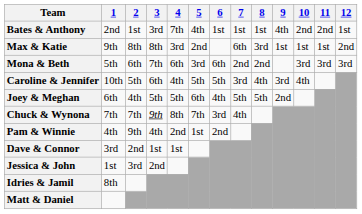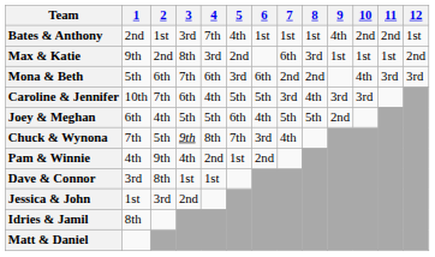 <table class="wikitable sortable" style="text-align:left;">
 <tr>
 <th scope="col" class="unsortable">Team</th>
 <th scope="col"><a href='#'>1</a></th>
 <th scope="col"><a href='#'>2</a></th>
 <th scope="col"><a href='#'>3</a></th>
 <th scope="col"><a href='#'>4</a></th>
 <th scope="col"><a href='#'>5</a></th>
 <th scope="col"><a href='#'>6</a></th>
 <th scope="col"><a href='#'>7</a></th>
 <th scope="col"><a href='#'>8</a></th>
 <th scope="col"><a href='#'>9</a></th>
 <th scope="col"><a href='#'>10</a></th>
 <th scope="col"><a href='#'>11</a></th>
 <th scope="col"><a href='#'>12</a></th>
 </tr>
 <tr>
 <th scope="row" style="text-align:left">Bates & Anthony</th>
 <td>2nd</td>
 <td>1st</td>
 <td>3rd</td>
 <td>7th</td>
 <td>4th</td>
 <td>1st</td>
 <td>1st</td>
 <td>1st</td>
 <td>4th</td>
 <td>2nd</td>
 <td>2nd</td>
 <td>1st</td>
 </tr>
 <tr>
 <th scope="row" style="text-align:left">Max & Katie</th>
 <td>9th</td>
-<td>8th</td>
+<td>2nd</td>
 <td>8th</td>
 <td>3rd</td>
 <td>2nd</td>
 <td></td>
 <td>6th</td>
 <td>3rd</td>
 <td>1st</td>
 <td>1st</td>
 <td>1st</td>
 <td>2nd</td>
 </tr>
 <tr>
 <th scope="row" style="text-align:left">Mona & Beth</th>
 <td>5th</td>
 <td>6th</td>
 <td>7th</td>
 <td>6th</td>
 <td>3rd</td>
 <td>6th</td>
 <td>2nd</td>
 <td>2nd</td>
 <td></td>
-<td>3rd</td>
+<td>4th</td>
 <td>3rd</td>
 <td>3rd</td>
 </tr>
 <tr>
 <th scope="row" style="text-align:left">Caroline & Jennifer</th>
 <td>10th</td>
-<td>5th</td>
+<td>7th</td>
 <td>6th</td>
 <td>4th</td>
 <td>5th</td>
 <td>5th</td>
 <td>3rd</td>
 <td>4th</td>
 <td>3rd</td>
-<td>4th</td>
+<td>3rd</td>
 <td></td>
 <td rowspan="8" style="background:darkgrey;"></td>
 </tr>
 <tr>
 <th scope="row" style="text-align:left">Joey & Meghan</th>
 <td>6th</td>
 <td>4th</td>
 <td>5th</td>
 <td>5th</td>
 <td>6th</td>
 <td>4th</td>
 <td>5th</td>
 <td>5th</td>
 <td>2nd</td>
 <td></td>
 <td rowspan="7" style="background:darkgrey;"></td>
 </tr>
 <tr>
 <th scope="row" style="text-align:left">Chuck & Wynona</th>
 <td>7th</td>
-<td>7th</td>
+<td>5th</td>
 <td><u><em>9th</em></u></td>
 <td>8th</td>
 <td>7th</td>
 <td>3rd</td>
 <td>4th</td>
 <td></td>
 <td colspan="2" rowspan="6" style="background:darkgrey;"></td>
 </tr>
 <tr>
 <th scope="row" style="text-align:left">Pam & Winnie</th>
 <td>4th</td>
 <td>9th</td>
 <td>4th</td>
 <td>2nd</td>
 <td>1st</td>
 <td>2nd</td>
 <td></td>
 <td rowspan="5" style="background:darkgrey;"></td>
 </tr>
 <tr>
 <th scope="row" style="text-align:left">Dave & Connor</th>
 <td>3rd</td>
-<td>2nd</td>
+<td>8th</td>
 <td>1st</td>
 <td>1st</td>
 <td></td>
 <td colspan="2" rowspan="4" style="background:darkgrey;"></td>
 </tr>
 <tr>
 <th scope="row" style="text-align:left">Jessica & John</th>
 <td>1st</td>
 <td>3rd</td>
 <td>2nd</td>
 <td></td>
 <td rowspan="3" style="background:darkgrey;"></td>
 </tr>
 <tr>
 <th scope="row" style="text-align:left">Idries & Jamil</th>
 <td>8th</td>
 <td></td>
 <td colspan="2" rowspan="2" style="background:darkgrey;"></td>
 </tr>
 <tr>
 <th scope="row" style="text-align:left">Matt & Daniel</th>
 <td></td>
 <td style="background:darkgrey;"></td>
 </tr>
 </table>
